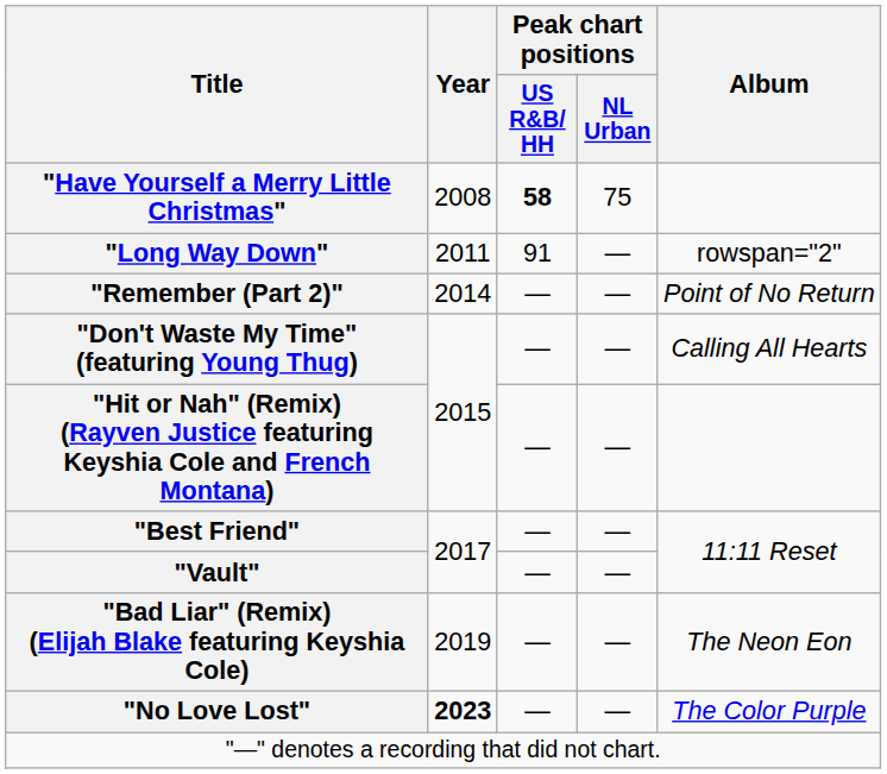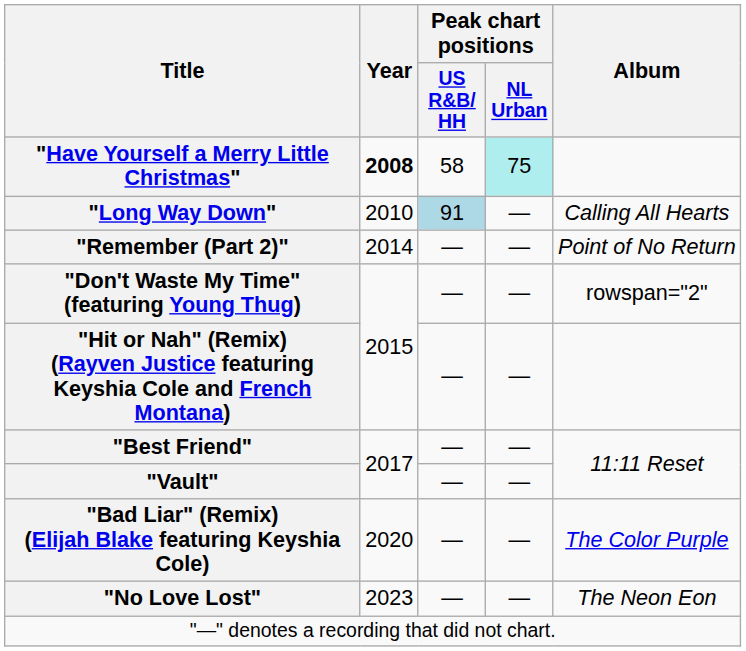 <table class="wikitable plainrowheaders" style="text-align:center;">
 <tr>
 <th scope="col" rowspan="2" style="width:16em;">Title</th>
 <th scope="col" rowspan="2">Year</th>
 <th scope="col" colspan="2">Peak chart positions</th>
 <th scope="col" rowspan="2">Album</th>
 </tr>
 <tr>
 <th scope="col" style="width:3em;font-size:90%;"><a href='#'>US<br>R&B/<br>HH</a><br></th>
 <th scope="col" style="width:3em;font-size:90%;"><a href='#'>NL<br>Urban</a><br></th>
 </tr>
 <tr>
 <th scope="row">"<a href='#'>Have Yourself a Merry Little Christmas</a>"</th>
-<td>2008</td>
-<td><strong>58</strong></td>
-<td>75</td>
+<td><strong>2008</strong></td>
+<td>58</td>
+<td style="background: paleturquoise;">75</td>
 <td></td>
 </tr>
 <tr>
 <th scope="row">"<a href='#'>Long Way Down</a>"</th>
-<td>2011</td>
-<td>91</td>
+<td>2010</td>
+<td style="background: lightblue;">91</td>
 <td>—</td>
-<td>rowspan="2" </td>
+<td><em>Calling All Hearts</em></td>
 </tr>
 <tr>
 <th scope="row">"Remember (Part 2)"</th>
 <td>2014</td>
 <td>—</td>
 <td>—</td>
 <td><em>Point of No Return</em></td>
 </tr>
 <tr>
 <th scope="row">"Don't Waste My Time"<br><span>(featuring <a href='#'>Young Thug</a>)</span></th>
 <td rowspan="2">2015</td>
 <td>—</td>
 <td>—</td>
-<td><em>Calling All Hearts</em></td>
+<td>rowspan="2" </td>
 </tr>
 <tr>
 <th scope="row">"Hit or Nah" (Remix)<br><span>(<a href='#'>Rayven Justice</a> featuring Keyshia Cole and <a href='#'>French Montana</a>)</span></th>
 <td>—</td>
 <td>—</td>
 </tr>
 <tr>
 <th scope="row">"Best Friend"</th>
 <td rowspan="2">2017</td>
 <td>—</td>
 <td>—</td>
 <td rowspan="2"><em>11:11 Reset</em></td>
 </tr>
 <tr>
 <th scope="row">"Vault"</th>
 <td>—</td>
 <td>—</td>
 </tr>
 <tr>
 <th scope="row">"Bad Liar" (Remix)<br><span>(<a href='#'>Elijah Blake</a> featuring Keyshia Cole)</span></th>
-<td>2019</td>
+<td>2020</td>
+<td>—</td>
+<td>—</td>
+<td><a href='#'><em>The Color Purple</em></a></td>
+</tr>
+<tr>
+<th scope="row">"No Love Lost"</th>
+<td>2023</td>
 <td>—</td>
 <td>—</td>
 <td><em>The Neon Eon</em></td>
 </tr>
 <tr>
-<th scope="row">"No Love Lost"</th>
-<td><strong>2023</strong></td>
-<td>—</td>
-<td>—</td>
-<td><a href='#'><em>The Color Purple</em></a></td>
-</tr>
-<tr>
 <td colspan="14" style="font-size:90%">"—" denotes a recording that did not chart.</td>
 </tr>
 </table>
